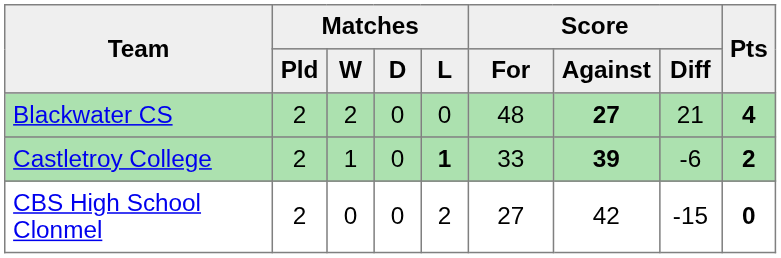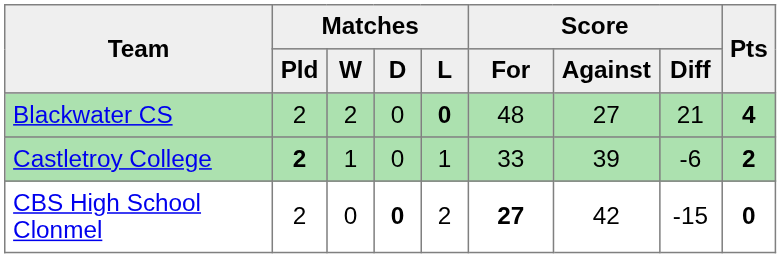 <table style=border-collapse:collapse border=1 cellspacing=0 cellpadding=5>
 <tr align=center bgcolor=#efefef>
 <th rowspan=2 width=165>Team</th>
 <th colspan=4>Matches</th>
 <th colspan=3>Score</th>
 <th rowspan=2width=20>Pts</th>
 </tr>
 <tr align=center bgcolor=#efefef>
 <th width=20>Pld</th>
 <th width=20>W</th>
 <th width=20>D</th>
 <th width=20>L</th>
 <th width=45>For</th>
 <th width=45>Against</th>
 <th width=30>Diff</th>
 </tr>
 <tr align=center style="background:#ACE1AF;">
 <td style="text-align:left;"><a href='#'>Blackwater CS</a></td>
 <td>2</td>
 <td>2</td>
 <td>0</td>
-<td>0</td>
+<td><strong>0</strong></td>
 <td>48</td>
-<td><strong>27</strong></td>
+<td>27</td>
 <td>21</td>
 <td><strong>4</strong></td>
 </tr>
 <tr align=center style="background:#ACE1AF;">
 <td style="text-align:left;"><a href='#'>Castletroy College</a></td>
-<td>2</td>
+<td><strong>2</strong></td>
 <td>1</td>
 <td>0</td>
-<td><strong>1</strong></td>
+<td>1</td>
 <td>33</td>
-<td><strong>39</strong></td>
+<td>39</td>
 <td>-6</td>
 <td><strong>2</strong></td>
 </tr>
 <tr align=center>
 <td style="text-align:left;"><a href='#'>CBS High School Clonmel</a></td>
 <td>2</td>
 <td>0</td>
-<td>0</td>
+<td><strong>0</strong></td>
 <td>2</td>
-<td>27</td>
+<td><strong>27</strong></td>
 <td>42</td>
 <td>-15</td>
 <td><strong>0</strong></td>
 </tr>
 </table>
